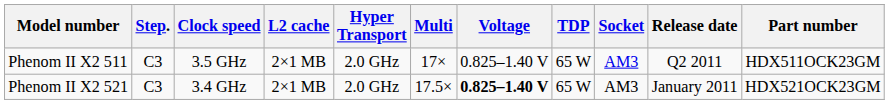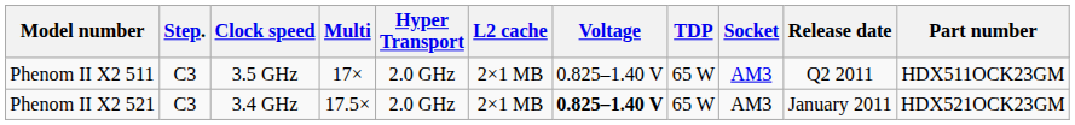 <table class="wikitable" style="text-align: center">
 <tr>
 <th>Model number</th>
 <th><a href='#'>Step</a>.</th>
 <th><a href='#'>Clock speed</a></th>
+<th><a href='#'>Multi</a></th>
+<th><a href='#'>Hyper<br>Transport</a></th>
 <th><a href='#'>L2 cache</a></th>
-<th><a href='#'>Hyper<br>Transport</a></th>
-<th><a href='#'>Multi</a></th>
 <th><a href='#'>Voltage</a></th>
 <th><a href='#'>TDP</a></th>
 <th><a href='#'>Socket</a></th>
 <th>Release date</th>
 <th>Part number</th>
 </tr>
 <tr>
 <td style="text-align:left">Phenom II X2 511</td>
 <td>C3</td>
 <td>3.5 GHz</td>
+<td>17×</td>
+<td>2.0 GHz</td>
 <td>2×1 MB</td>
-<td>2.0 GHz</td>
-<td>17×</td>
 <td style="white-space: nowrap;">0.825–1.40 V</td>
 <td style="white-space: nowrap;">65 W</td>
 <td><a href='#'>AM3</a></td>
 <td>Q2 2011</td>
 <td>HDX511OCK23GM</td>
 </tr>
 <tr>
 <td style="text-align:left">Phenom II X2 521</td>
 <td>C3</td>
 <td>3.4 GHz</td>
+<td>17.5×</td>
+<td>2.0 GHz</td>
 <td>2×1 MB</td>
-<td>2.0 GHz</td>
-<td>17.5×</td>
 <td><strong>0.825–1.40 V</strong></td>
 <td>65 W</td>
 <td>AM3</td>
 <td>January 2011</td>
 <td>HDX521OCK23GM</td>
 </tr>
 </table>
